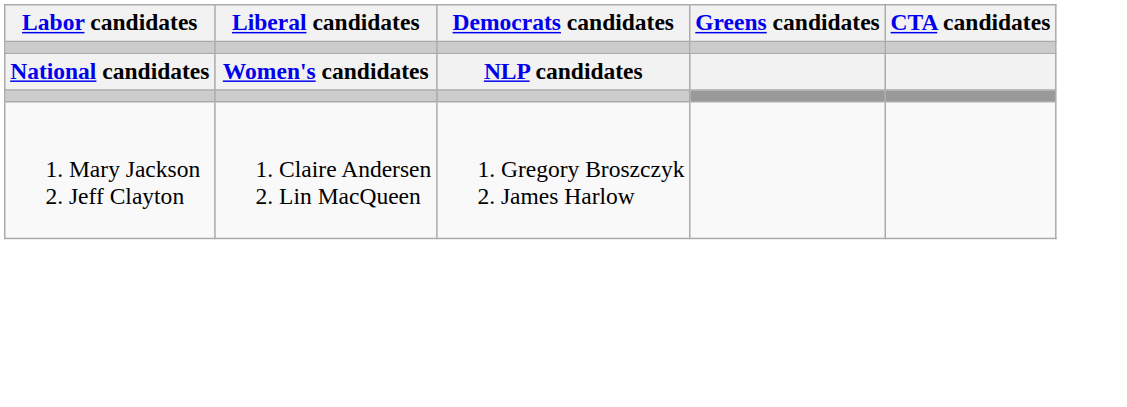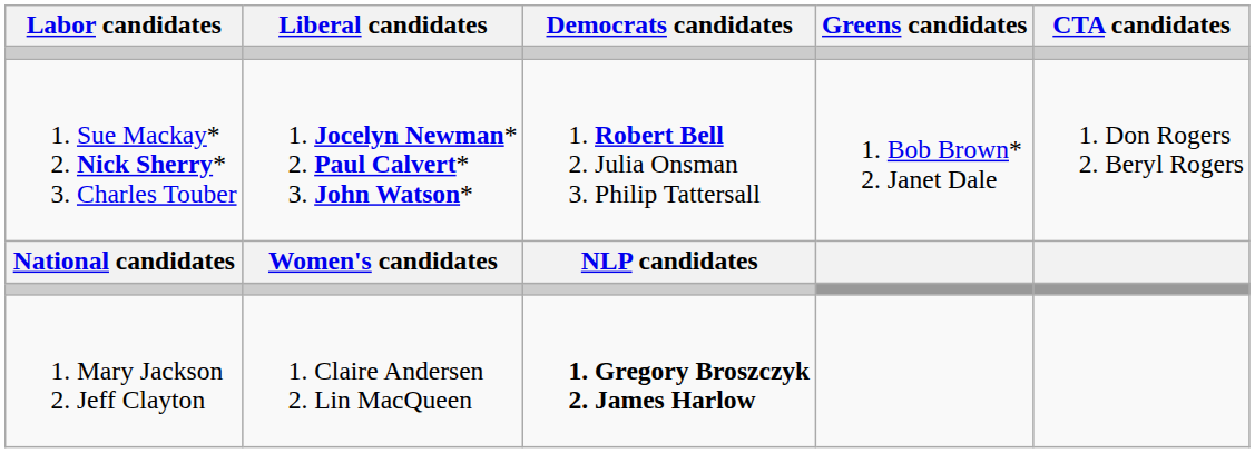 <table class="wikitable">
 <tr>
 <th><a href='#'>Labor</a> candidates</th>
 <th><a href='#'>Liberal</a> candidates</th>
 <th><a href='#'>Democrats</a> candidates</th>
 <th><a href='#'>Greens</a> candidates</th>
 <th><a href='#'>CTA</a> candidates</th>
 </tr>
 <tr bgcolor="#cccccc">
 <td></td>
 <td></td>
 <td></td>
 <td></td>
 <td></td>
+</tr>
+<tr>
+<td><br><ol><li><a href='#'>Sue Mackay</a>*</li><li><strong><a href='#'>Nick Sherry</a></strong>*</li><li><a href='#'>Charles Touber</a></li></ol></td>
+<td><br><ol><li><strong><a href='#'>Jocelyn Newman</a></strong>*</li><li><strong><a href='#'>Paul Calvert</a></strong>*</li><li><strong><a href='#'>John Watson</a></strong>*</li></ol></td>
+<td valign=top><br><ol><li><strong><a href='#'>Robert Bell</a></strong></li><li>Julia Onsman</li><li>Philip Tattersall</li></ol></td>
+<td><br><ol><li><a href='#'>Bob Brown</a>*</li><li>Janet Dale</li></ol></td>
+<td valign=top><br><ol><li>Don Rogers</li><li>Beryl Rogers</li></ol></td>
 </tr>
 <tr bgcolor="#cccccc">
 <th><a href='#'>National</a> candidates</th>
 <th><a href='#'>Women's</a> candidates</th>
 <th><a href='#'>NLP</a> candidates</th>
 <th></th>
 <th></th>
 </tr>
 <tr bgcolor="#cccccc">
 <td></td>
 <td></td>
 <td></td>
 <td bgcolor="#999999"></td>
 <td bgcolor="#999999"></td>
 </tr>
 <tr>
 <td valign=top><br><ol><li>Mary Jackson</li><li>Jeff Clayton</li></ol></td>
 <td valign=top><br><ol><li>Claire Andersen</li><li>Lin MacQueen</li></ol></td>
-<td valign=top><br><ol><li>Gregory Broszczyk</li><li>James Harlow</li></ol></td>
+<td valign=top><strong><br><ol><li>Gregory Broszczyk</li><li>James Harlow</li></ol></strong></td>
 <td valign=top></td>
 <td valign=top></td>
 </tr>
 </table>
